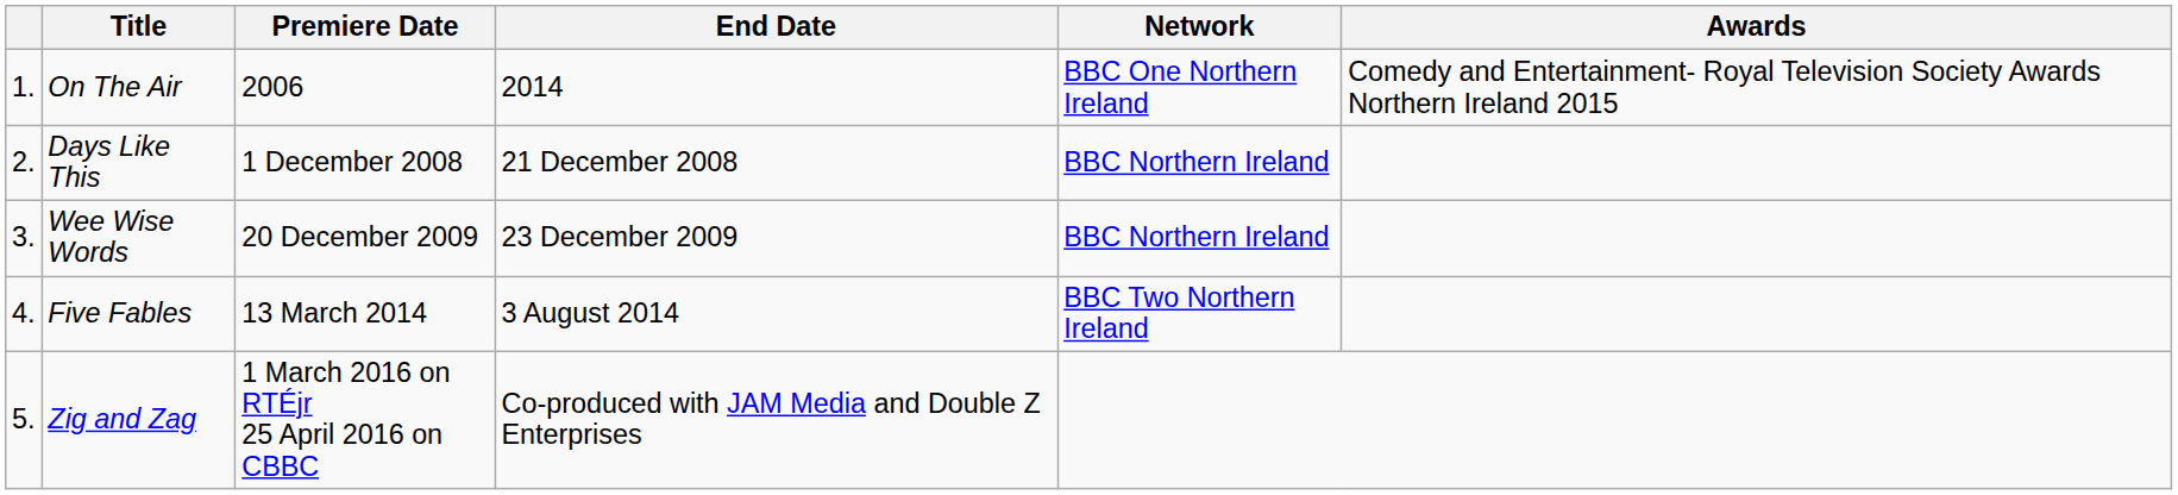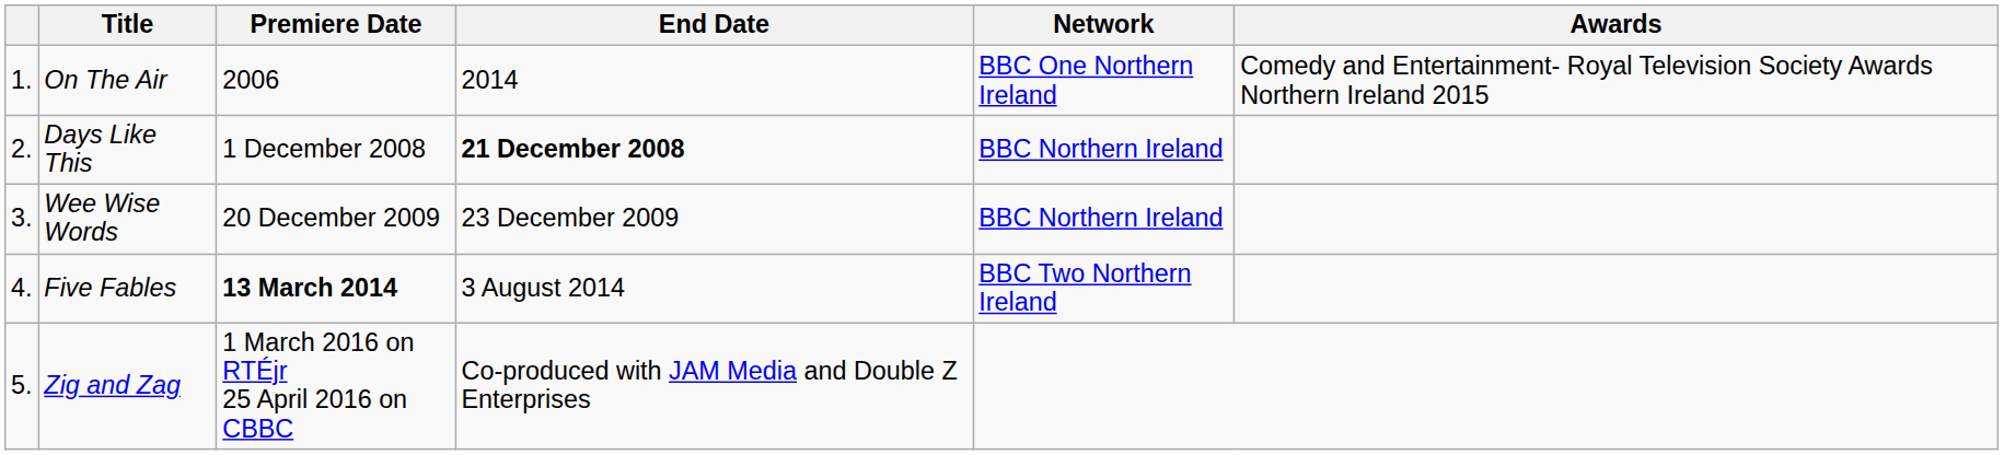 <table class="wikitable">
 <tr>
 <th></th>
 <th>Title</th>
 <th>Premiere Date</th>
 <th>End Date</th>
 <th>Network</th>
 <th>Awards</th>
 </tr>
 <tr>
 <td>1.</td>
 <td><em>On The Air</em></td>
 <td>2006</td>
 <td>2014</td>
 <td><a href='#'>BBC One Northern Ireland</a></td>
 <td>Comedy and Entertainment- Royal Television Society Awards Northern Ireland 2015</td>
 </tr>
 <tr>
 <td>2.</td>
 <td><em>Days Like This</em></td>
 <td>1 December 2008</td>
-<td>21 December 2008</td>
+<td><strong>21 December 2008</strong></td>
 <td><a href='#'>BBC Northern Ireland</a></td>
 <td></td>
 </tr>
 <tr>
 <td>3.</td>
 <td><em>Wee Wise Words</em></td>
 <td>20 December 2009</td>
 <td>23 December 2009</td>
 <td><a href='#'>BBC Northern Ireland</a></td>
 <td></td>
 </tr>
 <tr>
 <td>4.</td>
 <td><em>Five Fables</em></td>
-<td>13 March 2014</td>
+<td><strong>13 March 2014</strong></td>
 <td>3 August 2014</td>
 <td><a href='#'>BBC Two Northern Ireland</a></td>
 <td></td>
 </tr>
 <tr>
 <td>5.</td>
 <td><a href='#'><em>Zig and Zag</em></a></td>
 <td>1 March 2016 on <a href='#'>RTÉjr</a><br>25 April 2016 on <a href='#'>CBBC</a></td>
 <td>Co-produced with <a href='#'>JAM Media</a> and Double Z Enterprises</td>
 </tr>
 </table>
